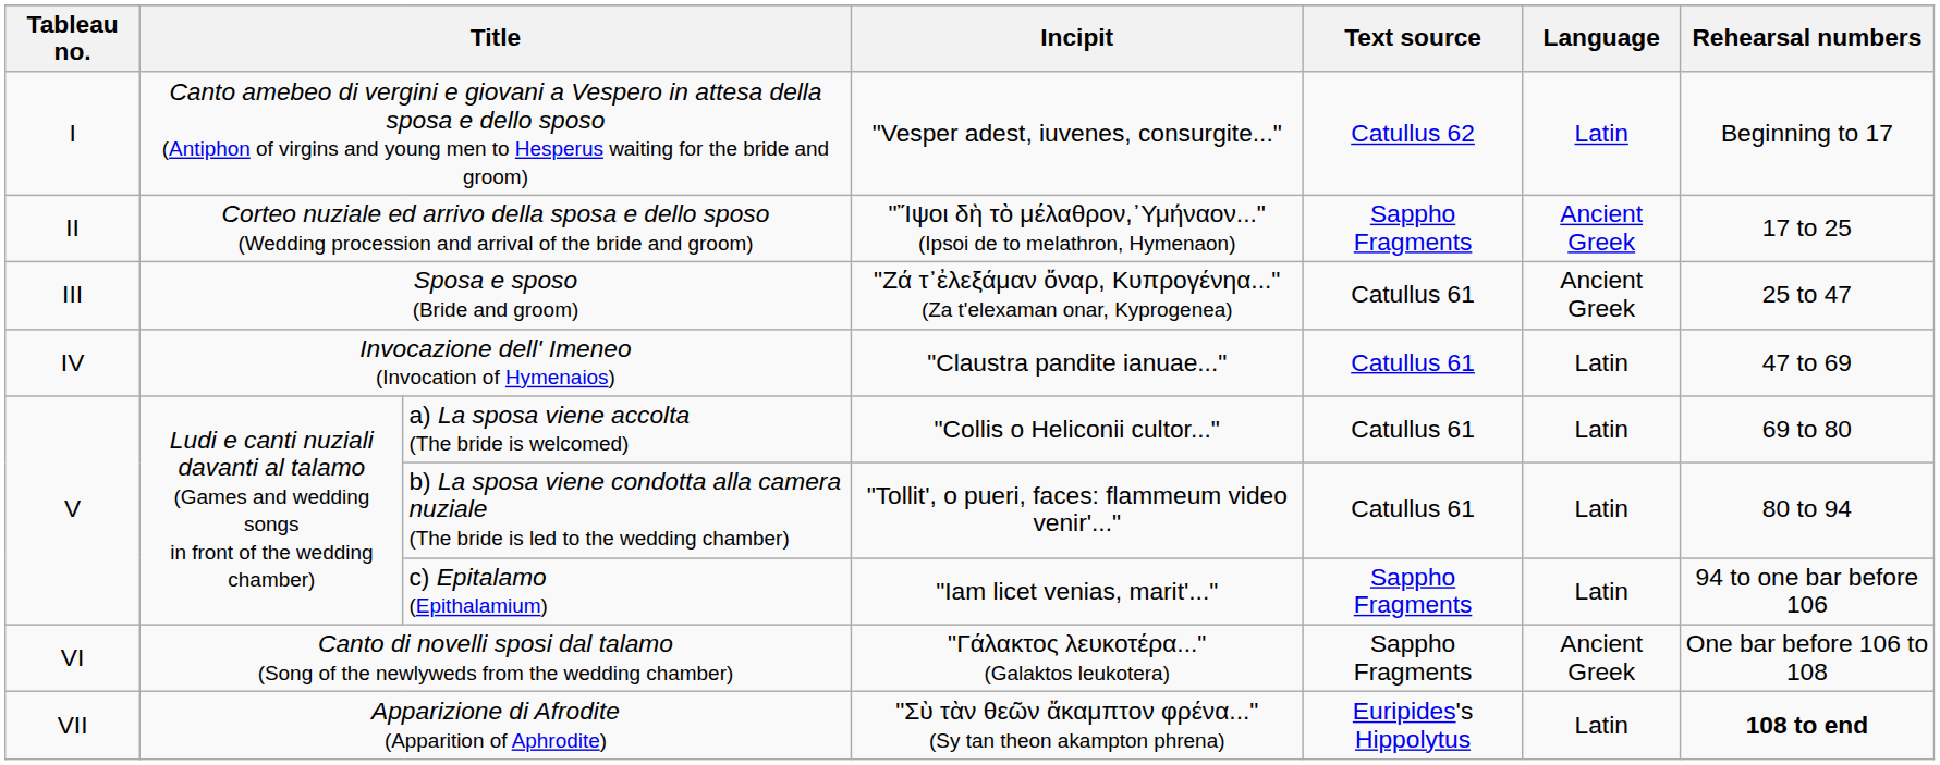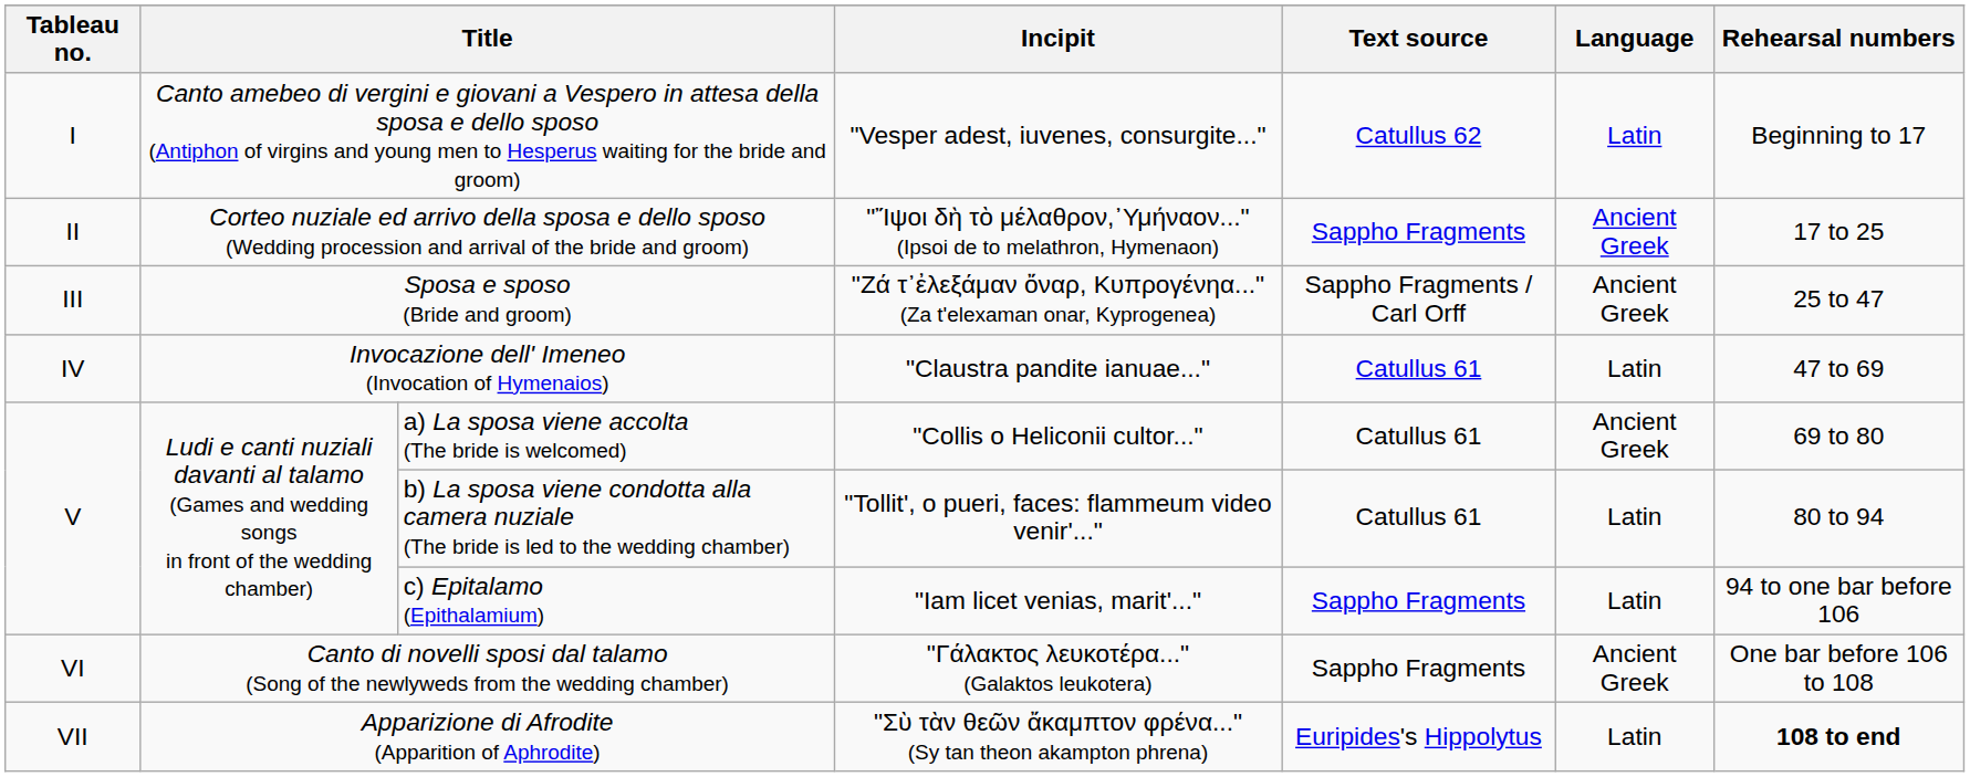 <table class="wikitable" style='text-align: center;'>
 <tr>
 </tr>
 <tr>
 <th>Tableau no.</th>
 <th colspan="2">Title</th>
 <th>Incipit</th>
 <th>Text source</th>
 <th>Language</th>
 <th>Rehearsal numbers</th>
 </tr>
 <tr>
 <td>I</td>
 <td colspan="2"><em>Canto amebeo di vergini e giovani a Vespero in attesa della sposa e dello sposo</em><br><small>(<a href='#'>Antiphon</a> of virgins and young men to <a href='#'>Hesperus</a> waiting for the bride and groom)</small></td>
 <td>"Vesper adest, iuvenes, consurgite..."</td>
 <td><a href='#'>Catullus 62</a></td>
 <td><a href='#'>Latin</a></td>
 <td>Beginning to 17</td>
 </tr>
 <tr>
 <td>II</td>
 <td colspan="2"><em>Corteo nuziale ed arrivo della sposa e dello sposo</em><br><small>(Wedding procession and arrival of the bride and groom)</small></td>
 <td>"Ἴψοι δὴ τὸ μέλαθρον,⁠᾽Υμήναον..."<br><small>(Ipsoi de to melathron, Hymenaon)</small></td>
 <td><a href='#'>Sappho Fragments</a></td>
 <td><a href='#'>Ancient Greek</a></td>
 <td>17 to 25</td>
 </tr>
 <tr>
 <td>III</td>
 <td colspan="2"><em>Sposa e sposo</em><br><small>(Bride and groom)</small></td>
 <td>"Ζά τ᾽ἐλεξάμαν ὄναρ, Κυπρογένηα..."<br><small>(Za t'elexaman onar, Kyprogenea)</small></td>
-<td>Catullus 61</td>
+<td>Sappho Fragments / Carl Orff</td>
 <td>Ancient Greek</td>
 <td>25 to 47</td>
 </tr>
 <tr>
 <td>IV</td>
 <td colspan="2"><em>Invocazione dell' Imeneo</em><br><small>(Invocation of <a href='#'>Hymenaios</a>)</small></td>
 <td>"Claustra pandite ianuae..."</td>
 <td><a href='#'>Catullus 61</a></td>
 <td>Latin</td>
 <td>47 to 69</td>
 </tr>
 <tr>
 <td rowspan="3">V</td>
 <td rowspan="3"><em>Ludi e canti nuziali<br>davanti al talamo</em><br><small>(Games and wedding songs<br>in front of the wedding chamber)</small></td>
 <td align="left">a) <em>La sposa viene accolta</em><br><small>(The bride is welcomed)</small></td>
 <td>"Collis o Heliconii cultor..."</td>
 <td>Catullus 61</td>
-<td>Latin</td>
+<td>Ancient Greek</td>
 <td>69 to 80</td>
 </tr>
 <tr>
 <td align="left">b) <em>La sposa viene condotta alla camera nuziale</em><br><small>(The bride is led to the wedding chamber)</small></td>
 <td>"Tollit', o pueri, faces: flammeum video venir'..."</td>
 <td>Catullus 61</td>
 <td>Latin</td>
 <td>80 to 94</td>
 </tr>
 <tr>
 <td align="left">c) <em>Epitalamo</em><br><small>(<a href='#'>Epithalamium</a>)</small></td>
 <td>"Iam licet venias, marit'..."</td>
 <td><a href='#'>Sappho Fragments</a></td>
 <td>Latin</td>
 <td>94 to one bar before 106</td>
 </tr>
 <tr>
 <td>VI</td>
 <td colspan="2"><em>Canto di novelli sposi dal talamo</em><br><small>(Song of the newlyweds from the wedding chamber)</small></td>
 <td>"Γάλακτος λευκοτέρα..."<br><small>(Galaktos leukotera)</small></td>
 <td>Sappho Fragments</td>
 <td>Ancient Greek</td>
 <td>One bar before 106 to 108</td>
 </tr>
 <tr>
 <td>VII</td>
 <td colspan="2"><em>Apparizione di Afrodite</em><br><small>(Apparition of <a href='#'>Aphrodite</a>)</small></td>
 <td>"Σὺ τὰν θεῶν ἄκαμπτον φρένα..."<br><small>(Sy tan theon akampton phrena)</small></td>
 <td><a href='#'>Euripides</a>'s <a href='#'>Hippolytus</a></td>
 <td>Latin</td>
 <td><strong>108 to end</strong></td>
 </tr>
 </table>
